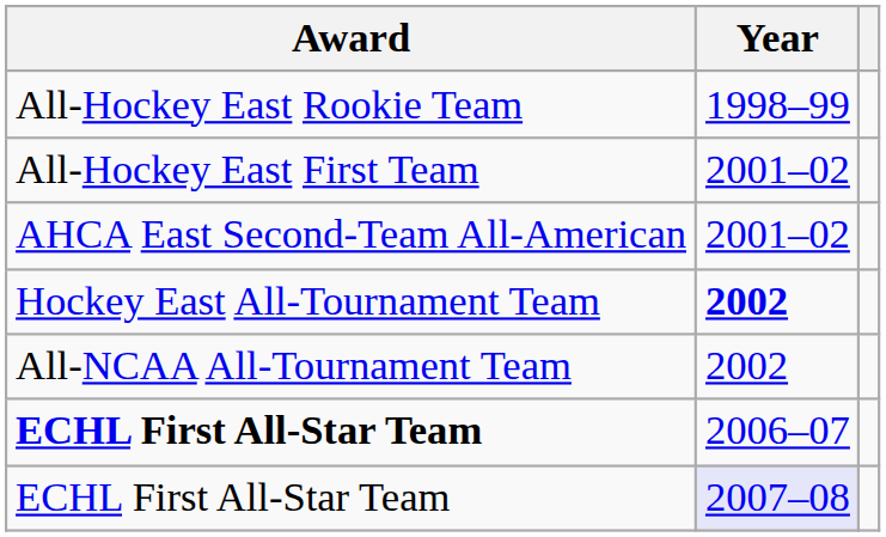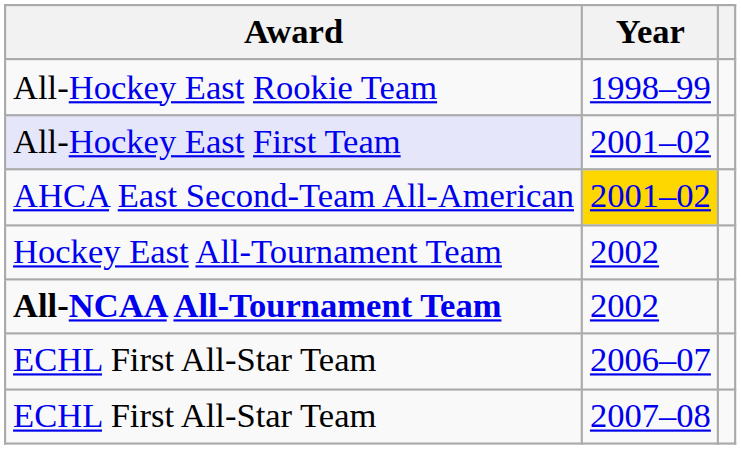 <table class="wikitable">
 <tr>
 <th>Award</th>
 <th>Year</th>
 <th></th>
 </tr>
 <tr>
 <td>All-<a href='#'>Hockey East</a> <a href='#'>Rookie Team</a></td>
 <td><a href='#'>1998–99</a></td>
 <td></td>
 </tr>
 <tr>
-<td>All-<a href='#'>Hockey East</a> <a href='#'>First Team</a></td>
+<td style="background: lavender;">All-<a href='#'>Hockey East</a> <a href='#'>First Team</a></td>
 <td><a href='#'>2001–02</a></td>
 <td></td>
 </tr>
 <tr>
 <td><a href='#'>AHCA</a> <a href='#'>East Second-Team All-American</a></td>
-<td><a href='#'>2001–02</a></td>
+<td style="background: gold;"><a href='#'>2001–02</a></td>
 <td></td>
 </tr>
 <tr>
 <td><a href='#'>Hockey East</a> <a href='#'>All-Tournament Team</a></td>
-<td><strong><a href='#'>2002</a></strong></td>
-<td></td>
-</tr>
-<tr>
-<td>All-<a href='#'>NCAA</a> <a href='#'>All-Tournament Team</a></td>
 <td><a href='#'>2002</a></td>
 <td></td>
 </tr>
 <tr>
-<td><strong><a href='#'>ECHL</a> First All-Star Team</strong></td>
+<td><strong>All-<a href='#'>NCAA</a> <a href='#'>All-Tournament Team</a></strong></td>
+<td><a href='#'>2002</a></td>
+<td></td>
+</tr>
+<tr>
+<td><a href='#'>ECHL</a> First All-Star Team</td>
 <td><a href='#'>2006–07</a></td>
 <td></td>
 </tr>
 <tr>
 <td><a href='#'>ECHL</a> First All-Star Team</td>
-<td style="background: lavender;"><a href='#'>2007–08</a></td>
+<td><a href='#'>2007–08</a></td>
 <td></td>
 </tr>
 </table>
